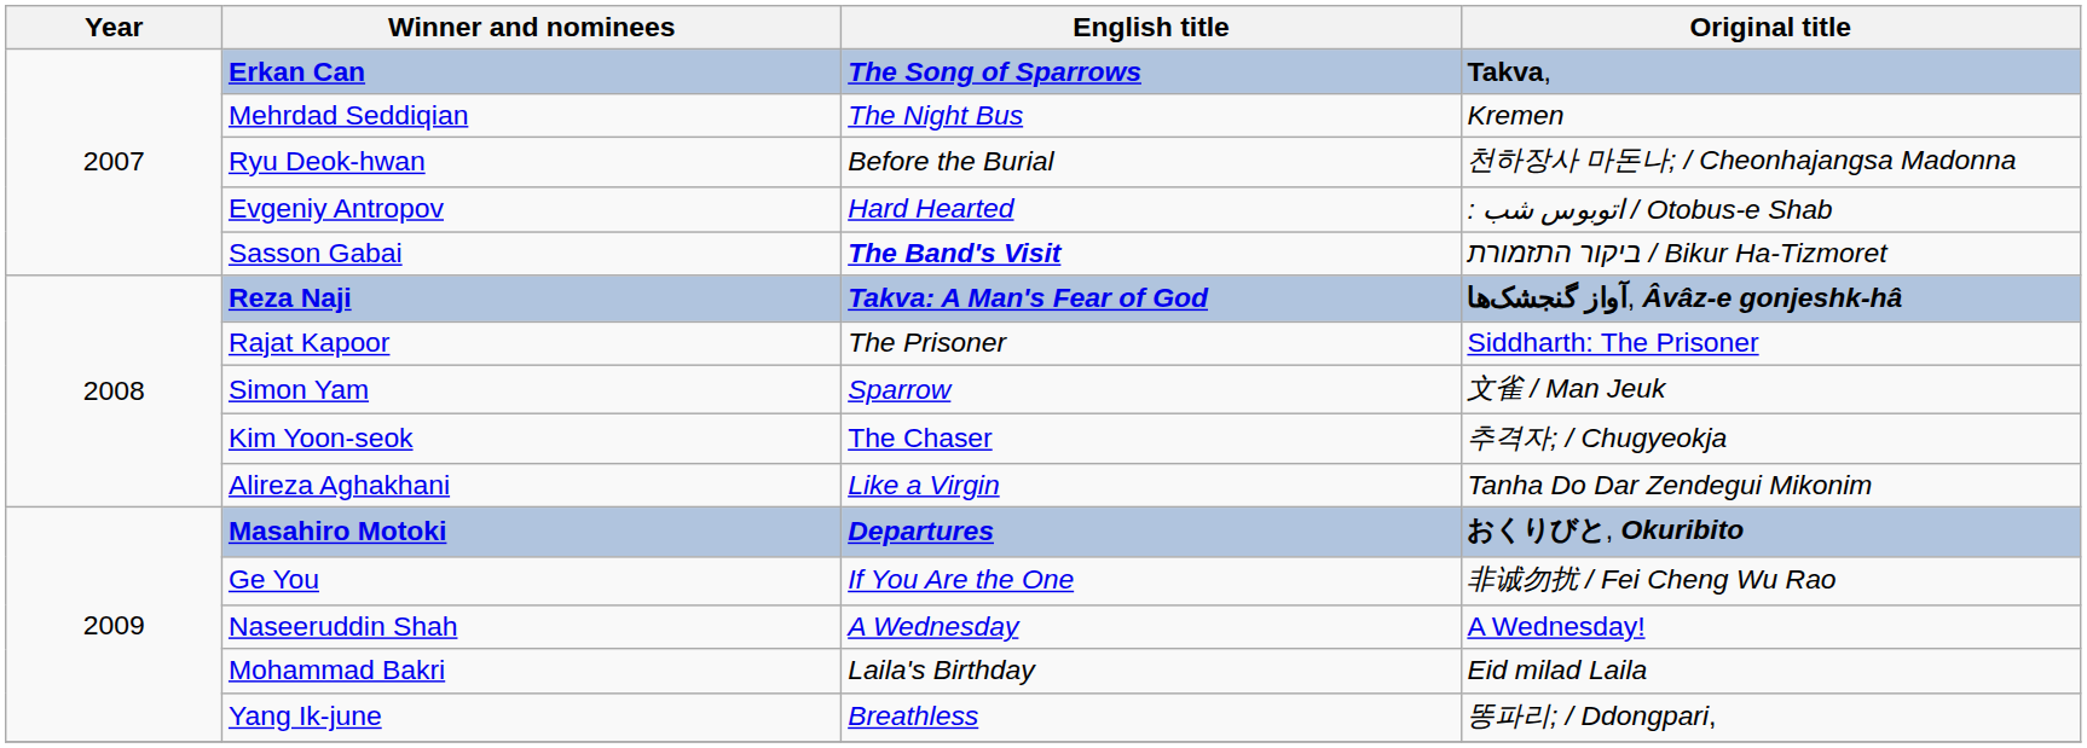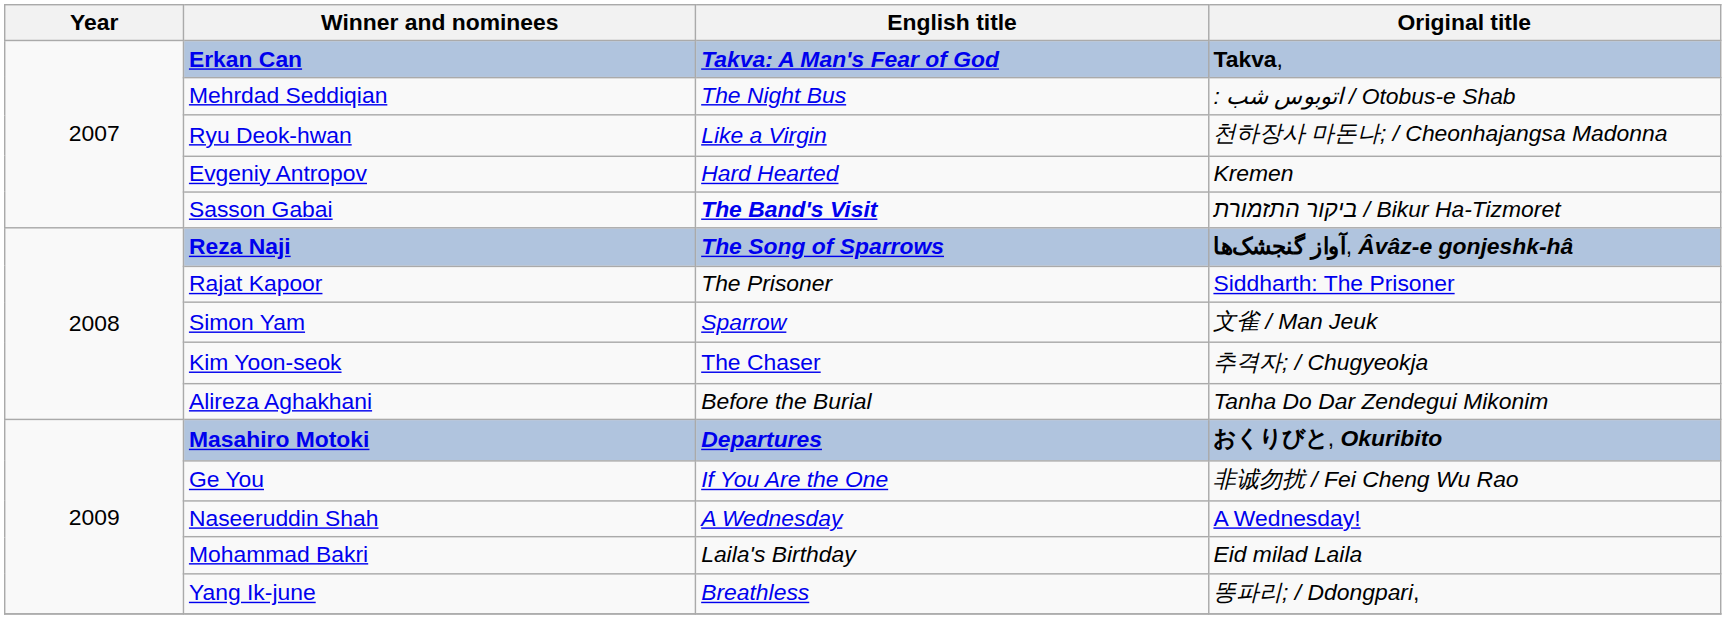 <table class="wikitable" width="95%" cellpadding="5">
 <tr>
 <th width="100"><strong>Year</strong></th>
 <th width="300"><strong>Winner and nominees</strong></th>
 <th width="300"><strong>English title</strong></th>
 <th width="300"><strong>Original title</strong></th>
 </tr>
 <tr>
 <td rowspan="5" style="text-align:center;">2007</td>
 <td style="background:#B0C4DE;"> <strong><a href='#'>Erkan Can</a> </strong></td>
-<td style="background:#B0C4DE;"><strong><em><a href='#'>The Song of Sparrows</a></em></strong></td>
+<td style="background:#B0C4DE;"><strong><em><a href='#'>Takva: A Man's Fear of God</a></em></strong></td>
 <td style="background:#B0C4DE;"><strong>Takva</strong>,</td>
 </tr>
 <tr>
 <td> <a href='#'>Mehrdad Seddiqian</a></td>
 <td><em><a href='#'>The Night Bus</a></em></td>
-<td><em>Kremen</em></td>
+<td><em>: اتوبوس شب /  Otobus-e Shab</em></td>
 </tr>
 <tr>
 <td> <a href='#'>Ryu Deok-hwan</a></td>
-<td><em>Before the Burial</em></td>
+<td><em><a href='#'>Like a Virgin</a></em></td>
 <td><em>천하장사 마돈나; / Cheonhajangsa Madonna</em></td>
 </tr>
 <tr>
 <td> <a href='#'>Evgeniy Antropov</a></td>
 <td><em><a href='#'>Hard Hearted</a></em></td>
-<td><em>: اتوبوس شب /  Otobus-e Shab</em></td>
+<td><em>Kremen</em></td>
 </tr>
 <tr>
 <td> <a href='#'>Sasson Gabai</a></td>
 <td><strong><em><a href='#'>The Band's Visit</a></em></strong></td>
 <td><em> ביקור התזמורת / Bikur Ha-Tizmoret</em></td>
 </tr>
 <tr>
 <td rowspan="5" style="text-align:center;">2008</td>
 <td style="background:#B0C4DE;"> <strong><a href='#'>Reza Naji</a></strong></td>
-<td style="background:#B0C4DE;"><strong><em><a href='#'>Takva: A Man's Fear of God</a></em></strong></td>
+<td style="background:#B0C4DE;"><strong><em><a href='#'>The Song of Sparrows</a></em></strong></td>
 <td style="background:#B0C4DE;"><strong>  آواز گنجشک‌ها</strong>, <strong><em>Âvâz-e gonjeshk-hâ</em></strong></td>
 </tr>
 <tr>
 <td> <a href='#'>Rajat Kapoor</a></td>
 <td><em>The Prisoner</em></td>
 <td><a href='#'>Siddharth: The Prisoner</a></td>
 </tr>
 <tr>
 <td> <a href='#'>Simon Yam</a></td>
 <td><em><a href='#'>Sparrow</a></em></td>
 <td><em> 文雀 / Man Jeuk</em></td>
 </tr>
 <tr>
 <td> <a href='#'>Kim Yoon-seok</a></td>
 <td><a href='#'>The Chaser</a></td>
 <td><em> 추격자; / Chugyeokja</em></td>
 </tr>
 <tr>
 <td> <a href='#'>Alireza Aghakhani</a></td>
-<td><em><a href='#'>Like a Virgin</a></em></td>
+<td><em>Before the Burial</em></td>
 <td><em>Tanha Do Dar Zendegui Mikonim</em></td>
 </tr>
 <tr>
 <td rowspan="5" style="text-align:center;">2009</td>
 <td style="background:#B0C4DE;"> <strong><a href='#'>Masahiro Motoki</a></strong></td>
 <td style="background:#B0C4DE;"><strong><em><a href='#'>Departures</a></em></strong></td>
 <td style="background:#B0C4DE;"><strong> おくりびと</strong>, <strong><em> Okuribito</em></strong></td>
 </tr>
 <tr>
 <td> <a href='#'>Ge You</a></td>
 <td><em><a href='#'>If You Are the One</a></em></td>
 <td><em>  非诚勿扰 / Fei Cheng Wu Rao</em></td>
 </tr>
 <tr>
 <td> <a href='#'>Naseeruddin Shah</a></td>
 <td><em><a href='#'>A Wednesday</a></em></td>
 <td><a href='#'>A Wednesday!</a></td>
 </tr>
 <tr>
 <td>  <a href='#'>Mohammad Bakri</a></td>
 <td><em>Laila's Birthday</em></td>
 <td><em>Eid milad Laila</em></td>
 </tr>
 <tr>
 <td> <a href='#'>Yang Ik-june</a></td>
 <td><em><a href='#'>Breathless</a> </em></td>
 <td><em> 똥파리; / Ddongpari</em>,</td>
 </tr>
 <tr>
 </tr>
 </table>
